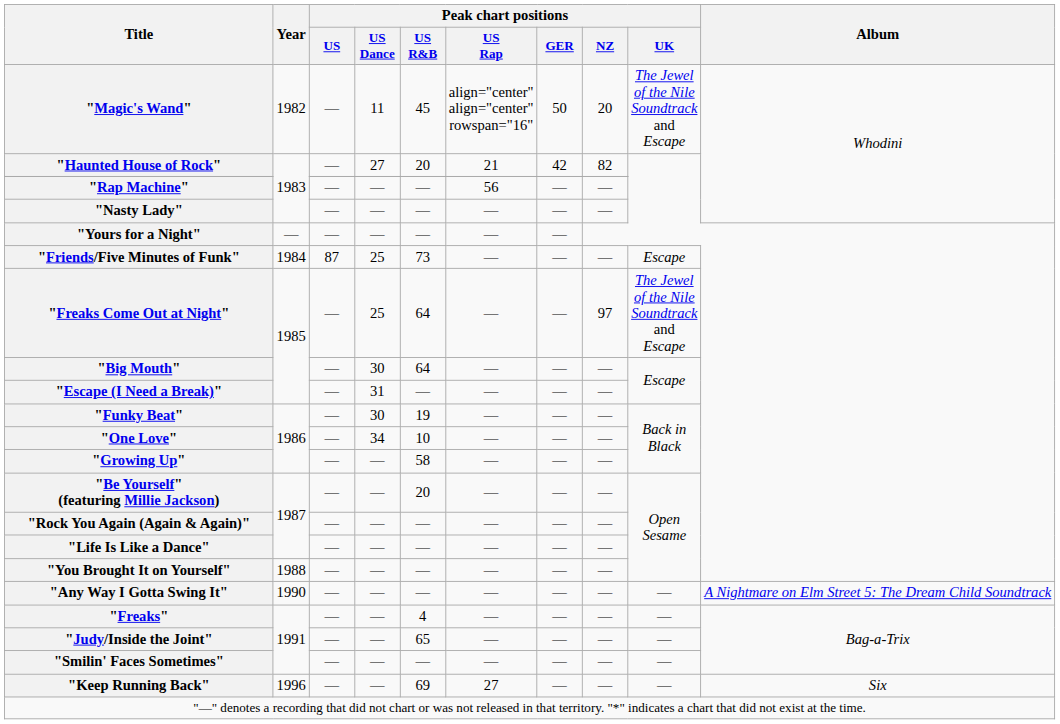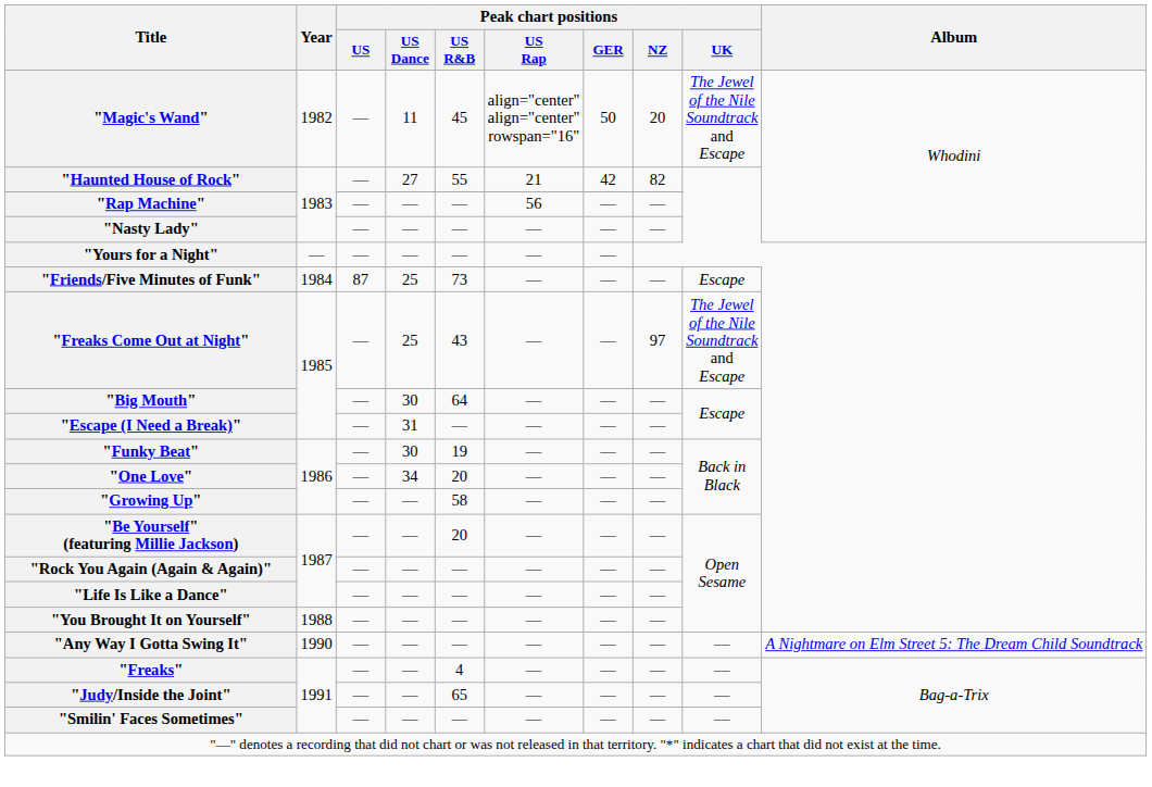 <table class="wikitable plainrowheaders" style="text-align:center;" border="1">
 <tr>
 <th scope="col" rowspan="2" style="width:18em;">Title</th>
 <th scope="col" rowspan="2">Year</th>
 <th scope="col" colspan="7">Peak chart positions</th>
 <th scope="col" rowspan="2">Album</th>
 </tr>
 <tr>
 <th scope="col" style="width:3em;font-size:90%;"><a href='#'>US</a><br></th>
 <th scope="col" style="width:3em;font-size:90%;"><a href='#'>US<br>Dance</a><br></th>
 <th scope="col" style="width:3em;font-size:90%;"><a href='#'>US R&B</a><br></th>
 <th scope="col" style="width:3em;font-size:90%;"><a href='#'>US<br> Rap</a><br></th>
 <th scope="col" style="width:3em;font-size:90%;"><a href='#'>GER</a><br></th>
 <th scope="col" style="width:3em;font-size:90%;"><a href='#'>NZ</a><br></th>
 <th scope="col" style="width:3em;font-size:90%;"><a href='#'>UK</a><br></th>
 </tr>
 <tr>
 <th scope="row">"<a href='#'>Magic's Wand</a>"</th>
 <td>1982</td>
 <td align="center">—</td>
 <td align="center">11</td>
 <td align="center">45</td>
 <td>align="center" align="center" rowspan="16" </td>
 <td align="center">50</td>
 <td align="center">20</td>
 <td><em><a href='#'>The Jewel of the Nile Soundtrack</a></em> and <em>Escape</em></td>
 <td rowspan="5"><em>Whodini</em></td>
 </tr>
 <tr>
 <th scope="row">"<a href='#'>Haunted House of Rock</a>"</th>
 <td rowspan="4">1983</td>
 <td align="center">—</td>
 <td align="center">27</td>
-<td align="center">20</td>
+<td align="center">55</td>
 <td align="center">21</td>
 <td align="center">42</td>
 <td align="center">82</td>
 </tr>
 <tr>
 </tr>
 <tr>
 <th scope="row">"<a href='#'>Rap Machine</a>"</th>
 <td align="center">—</td>
 <td align="center">—</td>
 <td align="center">—</td>
 <td align="center">56</td>
 <td align="center">—</td>
 <td align="center">—</td>
 </tr>
 <tr>
 <th scope="row">"Nasty Lady"</th>
 <td align="center">—</td>
 <td align="center">—</td>
 <td align="center">—</td>
 <td align="center">—</td>
 <td align="center">—</td>
 <td align="center">—</td>
 </tr>
 <tr>
 <th scope="row">"Yours for a Night"</th>
 <td align="center">—</td>
 <td align="center">—</td>
 <td align="center">—</td>
 <td align="center">—</td>
 <td align="center">—</td>
 <td align="center">—</td>
 </tr>
 <tr>
 <th scope="row">"<a href='#'>Friends</a>/Five Minutes of Funk"</th>
 <td>1984</td>
 <td align="center">87</td>
 <td align="center">25</td>
 <td align="center">73</td>
 <td align="center">—</td>
 <td align="center">—</td>
 <td align="center">—</td>
 <td><em>Escape</em></td>
 </tr>
 <tr>
 <th scope="row">"<a href='#'>Freaks Come Out at Night</a>"</th>
 <td rowspan="3">1985</td>
 <td align="center">—</td>
 <td align="center">25</td>
-<td align="center">64</td>
+<td align="center">43</td>
 <td align="center">—</td>
 <td align="center">—</td>
 <td align="center">97</td>
 <td><em><a href='#'>The Jewel of the Nile Soundtrack</a></em> and <em>Escape</em></td>
 </tr>
 <tr>
 <th scope="row">"<a href='#'>Big Mouth</a>"</th>
 <td align="center">—</td>
 <td align="center">30</td>
 <td align="center">64</td>
 <td align="center">—</td>
 <td align="center">—</td>
 <td align="center">—</td>
 <td rowspan="2"><em>Escape</em></td>
 </tr>
 <tr>
 <th scope="row">"<a href='#'>Escape (I Need a Break)</a>"</th>
 <td align="center">—</td>
 <td align="center">31</td>
 <td align="center">—</td>
 <td align="center">—</td>
 <td align="center">—</td>
 <td align="center">—</td>
 </tr>
 <tr>
 <th scope="row">"<a href='#'>Funky Beat</a>"</th>
 <td rowspan="3">1986</td>
 <td align="center">—</td>
 <td align="center">30</td>
 <td align="center">19</td>
 <td align="center">—</td>
 <td align="center">—</td>
 <td align="center">—</td>
 <td rowspan="3"><em>Back in Black</em></td>
 </tr>
 <tr>
 <th scope="row">"<a href='#'>One Love</a>"</th>
 <td align="center">—</td>
 <td align="center">34</td>
-<td align="center">10</td>
+<td align="center">20</td>
 <td align="center">—</td>
 <td align="center">—</td>
 <td align="center">—</td>
 </tr>
 <tr>
 <th scope="row">"<a href='#'>Growing Up</a>"</th>
 <td align="center">—</td>
 <td align="center">—</td>
 <td align="center">58</td>
 <td align="center">—</td>
 <td align="center">—</td>
 <td align="center">—</td>
 </tr>
 <tr>
 <th scope="row">"<a href='#'>Be Yourself</a>"<br><span>(featuring <a href='#'>Millie Jackson</a>)</span></th>
 <td rowspan="3">1987</td>
 <td align="center">—</td>
 <td align="center">—</td>
 <td align="center">20</td>
 <td align="center">—</td>
 <td align="center">—</td>
 <td align="center">—</td>
 <td rowspan="4"><em>Open Sesame</em></td>
 </tr>
 <tr>
 <th scope="row">"Rock You Again (Again & Again)"</th>
 <td align="center">—</td>
 <td align="center">—</td>
 <td align="center">—</td>
 <td align="center">—</td>
 <td align="center">—</td>
 <td align="center">—</td>
 </tr>
 <tr>
 <th scope="row">"Life Is Like a Dance"</th>
 <td align="center">—</td>
 <td align="center">—</td>
 <td align="center">—</td>
 <td align="center">—</td>
 <td align="center">—</td>
 <td align="center">—</td>
 </tr>
 <tr>
 <th scope="row">"You Brought It on Yourself"</th>
 <td>1988</td>
 <td align="center">—</td>
 <td align="center">—</td>
 <td align="center">—</td>
 <td align="center">—</td>
 <td align="center">—</td>
 <td align="center">—</td>
 </tr>
 <tr>
 <th scope="row">"Any Way I Gotta Swing It"</th>
 <td>1990</td>
 <td align="center">—</td>
 <td align="center">—</td>
 <td align="center">—</td>
 <td align="center">—</td>
 <td align="center">—</td>
 <td align="center">—</td>
 <td align="center">—</td>
 <td><em><a href='#'>A Nightmare on Elm Street 5: The Dream Child Soundtrack</a></em></td>
 </tr>
 <tr>
 <th scope="row">"<a href='#'>Freaks</a>"</th>
 <td rowspan="3">1991</td>
 <td align="center">—</td>
 <td align="center">—</td>
 <td align="center">4</td>
 <td align="center">—</td>
 <td align="center">—</td>
 <td align="center">—</td>
 <td align="center">—</td>
 <td rowspan="3"><em>Bag-a-Trix</em></td>
 </tr>
 <tr>
 <th scope="row">"<a href='#'>Judy</a>/Inside the Joint"</th>
 <td align="center">—</td>
 <td align="center">—</td>
 <td align="center">65</td>
 <td align="center">—</td>
 <td align="center">—</td>
 <td align="center">—</td>
 <td align="center">—</td>
 </tr>
 <tr>
 <th scope="row">"Smilin' Faces Sometimes"</th>
 <td align="center">—</td>
 <td align="center">—</td>
 <td align="center">—</td>
 <td align="center">—</td>
 <td align="center">—</td>
 <td align="center">—</td>
 <td align="center">—</td>
 </tr>
 <tr>
-<th scope="row">"Keep Running Back"</th>
-<td>1996</td>
-<td align="center">—</td>
-<td align="center">—</td>
-<td align="center">69</td>
-<td align="center">27</td>
-<td align="center">—</td>
-<td align="center">—</td>
-<td align="center">—</td>
-<td><em>Six</em></td>
-</tr>
-<tr>
 <td colspan="10" style="font-size:90%">"—" denotes a recording that did not chart or was not released in that territory. "*" indicates a chart that did not exist at the time.</td>
 </tr>
 </table>
